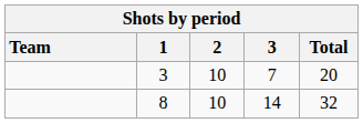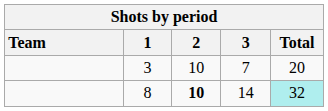 <table class="wikitable" style="width:20em; text-align:right;">
 <tr>
 <th colspan="6">Shots by period</th>
 </tr>
 <tr>
 <th style="width:8em; text-align:left;">Team</th>
 <th style="width:3em;">1</th>
 <th style="width:3em;">2</th>
 <th style="width:3em;">3</th>
 <th style="width:3em;">Total</th>
 </tr>
 <tr>
 <td style="text-align:left;"></td>
 <td style="text-align:center;">3</td>
 <td style="text-align:center;">10</td>
 <td style="text-align:center;">7</td>
 <td style="text-align:center;">20</td>
 </tr>
 <tr>
 <td style="text-align:left;"></td>
 <td style="text-align:center;">8</td>
-<td style="text-align:center;">10</td>
+<td style="text-align:center;"><strong>10</strong></td>
 <td style="text-align:center;">14</td>
-<td style="text-align:center;">32</td>
+<td style="background: paleturquoise; text-align:center;">32</td>
 </tr>
 </table>
